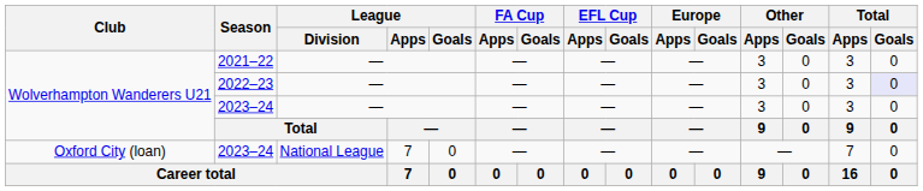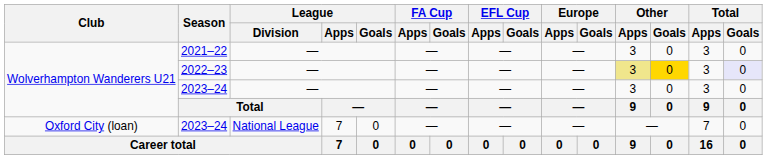 <table class="wikitable" style="text-align:center">
 <tr>
 <th rowspan="2">Club</th>
 <th rowspan="2">Season</th>
 <th colspan="3">League</th>
 <th colspan="2"><a href='#'>FA Cup</a></th>
 <th colspan="2"><a href='#'>EFL Cup</a></th>
 <th colspan="2">Europe</th>
 <th colspan="2">Other</th>
 <th colspan="2">Total</th>
 </tr>
 <tr>
 <th>Division</th>
 <th>Apps</th>
 <th>Goals</th>
 <th>Apps</th>
 <th>Goals</th>
 <th>Apps</th>
 <th>Goals</th>
 <th>Apps</th>
 <th>Goals</th>
 <th>Apps</th>
 <th>Goals</th>
 <th>Apps</th>
 <th>Goals</th>
 </tr>
 <tr>
 <td rowspan=4><a href='#'>Wolverhampton Wanderers U21</a></td>
 <td><a href='#'>2021–22</a></td>
 <td colspan=3>—</td>
 <td colspan=2>—</td>
 <td colspan=2>—</td>
 <td colspan=2>—</td>
 <td>3</td>
 <td>0</td>
 <td>3</td>
 <td>0</td>
 </tr>
 <tr>
 <td><a href='#'>2022–23</a></td>
 <td colspan=3>—</td>
 <td colspan=2>—</td>
 <td colspan=2>—</td>
 <td colspan=2>—</td>
-<td>3</td>
-<td>0</td>
+<td style="background: khaki;">3</td>
+<td style="background: gold;">0</td>
 <td>3</td>
 <td style="background: lavender;">0</td>
 </tr>
 <tr>
 <td><a href='#'>2023–24</a></td>
 <td colspan=3>—</td>
 <td colspan=2>—</td>
 <td colspan=2>—</td>
 <td colspan=2>—</td>
 <td>3</td>
 <td>0</td>
 <td>3</td>
 <td>0</td>
 </tr>
 <tr>
 <th colspan=2>Total</th>
 <th colspan=2>—</th>
 <th colspan=2>—</th>
 <th colspan=2>—</th>
 <th colspan=2>—</th>
 <th>9</th>
 <th>0</th>
 <th>9</th>
 <th>0</th>
 </tr>
 <tr>
 <td><a href='#'>Oxford City</a> (loan)</td>
 <td><a href='#'>2023–24</a></td>
 <td><a href='#'>National League</a></td>
 <td>7</td>
 <td>0</td>
 <td colspan=2>—</td>
 <td colspan=2>—</td>
 <td colspan=2>—</td>
 <td colspan=2>—</td>
 <td>7</td>
 <td>0</td>
 </tr>
 <tr>
 <th colspan=3>Career total</th>
 <th>7</th>
 <th>0</th>
 <th>0</th>
 <th>0</th>
 <th>0</th>
 <th>0</th>
 <th>0</th>
 <th>0</th>
 <th>9</th>
 <th>0</th>
 <th>16</th>
 <th>0</th>
 </tr>
 </table>
